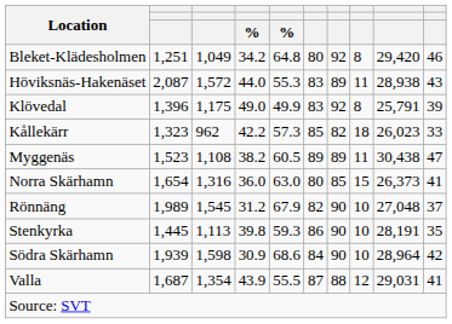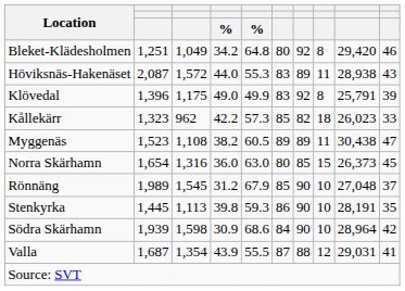 <table role="presentation" class="wikitable sortable mw-collapsible">
 <tr>
 <th rowspan="3">Location</th>
 <th></th>
 <th></th>
 <th></th>
 <th></th>
 <th></th>
 <th></th>
 <th></th>
 <th></th>
 <th></th>
 </tr>
 <tr>
 <th></th>
 <th></th>
 <th style="background:"></th>
 <th style="background:"></th>
 <th></th>
 <th></th>
 <th></th>
 <th></th>
 <th></th>
 </tr>
 <tr>
 <th data-sort-type="number"></th>
 <th data-sort-type="number"></th>
 <th data-sort-type="number">%</th>
 <th data-sort-type="number">%</th>
 <th data-sort-type="number"></th>
 <th data-sort-type="number"></th>
 <th data-sort-type="number"></th>
 <th data-sort-type="number"></th>
 <th data-sort-type="number"></th>
 </tr>
 <tr>
 <td align="left">Bleket-Klädesholmen</td>
 <td>1,251</td>
 <td>1,049</td>
 <td>34.2</td>
 <td>64.8</td>
 <td>80</td>
 <td>92</td>
 <td>8</td>
 <td>29,420</td>
 <td>46</td>
 </tr>
 <tr>
 <td align="left">Höviksnäs-Hakenäset</td>
 <td>2,087</td>
 <td>1,572</td>
 <td>44.0</td>
 <td>55.3</td>
 <td>83</td>
 <td>89</td>
 <td>11</td>
 <td>28,938</td>
 <td>43</td>
 </tr>
 <tr>
 <td align="left">Klövedal</td>
 <td>1,396</td>
 <td>1,175</td>
 <td>49.0</td>
 <td>49.9</td>
 <td>83</td>
 <td>92</td>
 <td>8</td>
 <td>25,791</td>
 <td>39</td>
 </tr>
 <tr>
 <td align="left">Kållekärr</td>
 <td>1,323</td>
 <td>962</td>
 <td>42.2</td>
 <td>57.3</td>
 <td>85</td>
 <td>82</td>
 <td>18</td>
 <td>26,023</td>
 <td>33</td>
 </tr>
 <tr>
 <td align="left">Myggenäs</td>
 <td>1,523</td>
 <td>1,108</td>
 <td>38.2</td>
 <td>60.5</td>
 <td>89</td>
 <td>89</td>
 <td>11</td>
 <td>30,438</td>
 <td>47</td>
 </tr>
 <tr>
 <td align="left">Norra Skärhamn</td>
 <td>1,654</td>
 <td>1,316</td>
 <td>36.0</td>
 <td>63.0</td>
 <td>80</td>
 <td>85</td>
 <td>15</td>
 <td>26,373</td>
-<td>41</td>
+<td>45</td>
 </tr>
 <tr>
 <td align="left">Rönnäng</td>
 <td>1,989</td>
 <td>1,545</td>
 <td>31.2</td>
 <td>67.9</td>
-<td>82</td>
+<td>85</td>
 <td>90</td>
 <td>10</td>
 <td>27,048</td>
 <td>37</td>
 </tr>
 <tr>
 <td align="left">Stenkyrka</td>
 <td>1,445</td>
 <td>1,113</td>
 <td>39.8</td>
 <td>59.3</td>
 <td>86</td>
 <td>90</td>
 <td>10</td>
 <td>28,191</td>
 <td>35</td>
 </tr>
 <tr>
 <td align="left">Södra Skärhamn</td>
 <td>1,939</td>
 <td>1,598</td>
 <td>30.9</td>
 <td>68.6</td>
 <td>84</td>
 <td>90</td>
 <td>10</td>
 <td>28,964</td>
 <td>42</td>
 </tr>
 <tr>
 <td align="left">Valla</td>
 <td>1,687</td>
 <td>1,354</td>
 <td>43.9</td>
 <td>55.5</td>
 <td>87</td>
 <td>88</td>
 <td>12</td>
 <td>29,031</td>
 <td>41</td>
 </tr>
 <tr>
 <td colspan="10" align="left">Source: <a href='#'>SVT</a></td>
 </tr>
 </table>
